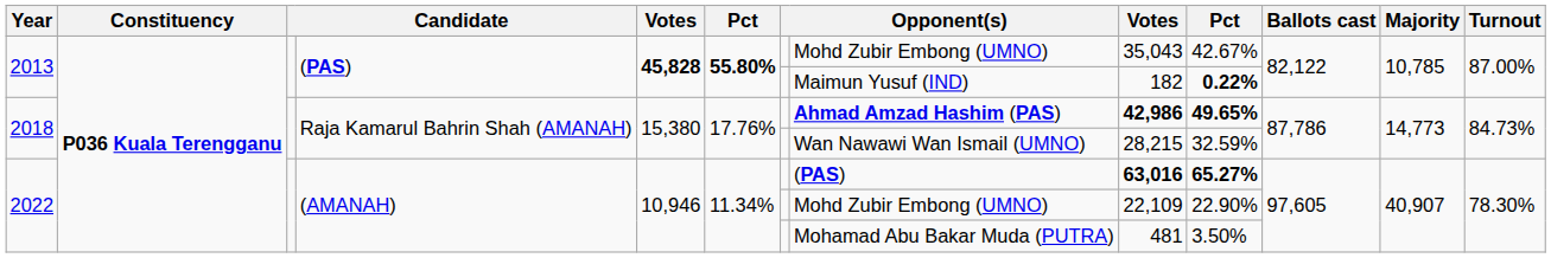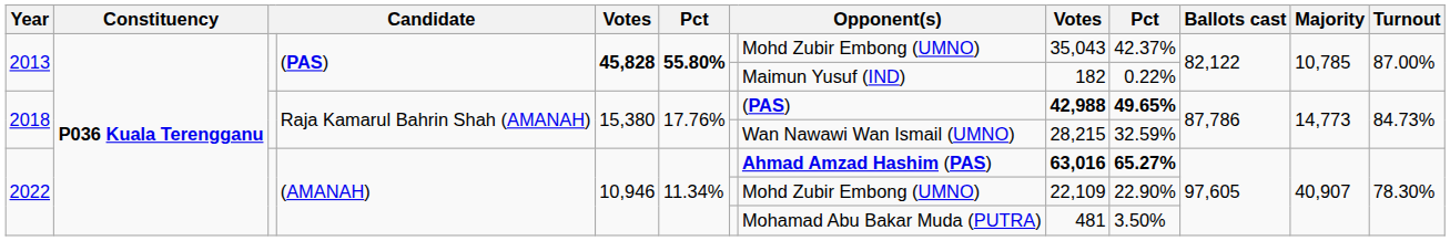 <table class="wikitable" style="margin:0.5em ; font-size:95%">
 <tr>
 <th>Year</th>
 <th>Constituency</th>
 <th colspan=2>Candidate</th>
 <th>Votes</th>
 <th>Pct</th>
 <th colspan=2>Opponent(s)</th>
 <th>Votes</th>
 <th>Pct</th>
 <th>Ballots cast</th>
 <th>Majority</th>
 <th>Turnout</th>
 </tr>
 <tr>
 <td rowspan=2><a href='#'>2013</a></td>
 <td rowspan=7><strong>P036 <a href='#'>Kuala Terengganu</a></strong></td>
 <td rowspan=2 ></td>
 <td rowspan=2> (<strong><a href='#'>PAS</a></strong>)</td>
 <td rowspan=2 align="right"><strong>45,828</strong></td>
 <td rowspan=2><strong>55.80%</strong></td>
 <td></td>
 <td>Mohd Zubir Embong (<a href='#'>UMNO</a>)</td>
 <td align="right">35,043</td>
-<td>42.67%</td>
+<td>42.37%</td>
 <td rowspan=2>82,122</td>
 <td rowspan=2>10,785</td>
 <td rowspan=2>87.00%</td>
 </tr>
 <tr>
 <td></td>
 <td>Maimun Yusuf (<a href='#'>IND</a>)</td>
 <td align="right">182</td>
-<td align="right"><strong>0.22%</strong></td>
+<td align="right">0.22%</td>
 </tr>
 <tr>
 <td rowspan=2><a href='#'>2018</a></td>
 <td rowspan=2 ></td>
 <td rowspan=2>Raja Kamarul Bahrin Shah (<a href='#'>AMANAH</a>)</td>
 <td rowspan=2 align="right">15,380</td>
 <td rowspan=2>17.76%</td>
 <td></td>
-<td><strong><a href='#'>Ahmad Amzad Hashim</a></strong> (<strong><a href='#'>PAS</a></strong>)</td>
-<td align="right"><strong>42,986</strong></td>
+<td> (<strong><a href='#'>PAS</a></strong>)</td>
+<td align="right"><strong>42,988</strong></td>
 <td><strong>49.65%</strong></td>
 <td rowspan=2>87,786</td>
 <td rowspan=2>14,773</td>
 <td rowspan=2>84.73%</td>
 </tr>
 <tr>
 <td></td>
 <td>Wan Nawawi Wan Ismail (<a href='#'>UMNO</a>)</td>
 <td align="right">28,215</td>
 <td>32.59%</td>
 </tr>
 <tr>
 <td rowspan=3><a href='#'>2022</a></td>
 <td rowspan=3 ></td>
 <td rowspan=3> (<a href='#'>AMANAH</a>)</td>
 <td rowspan=3 align="right">10,946</td>
 <td rowspan=3>11.34%</td>
 <td></td>
-<td> (<strong><a href='#'>PAS</a></strong>)</td>
+<td><strong><a href='#'>Ahmad Amzad Hashim</a></strong> (<strong><a href='#'>PAS</a></strong>)</td>
 <td align="right"><strong>63,016</strong></td>
 <td><strong>65.27%</strong></td>
 <td rowspan=3>97,605</td>
 <td rowspan=3>40,907</td>
 <td rowspan=3>78.30%</td>
 </tr>
 <tr>
 <td></td>
 <td>Mohd Zubir Embong (<a href='#'>UMNO</a>)</td>
 <td align="right">22,109</td>
 <td>22.90%</td>
 </tr>
 <tr>
 <td></td>
 <td>Mohamad Abu Bakar Muda (<a href='#'>PUTRA</a>)</td>
 <td align="right">481</td>
 <td>3.50%</td>
 </tr>
 </table>
